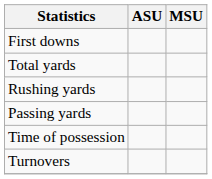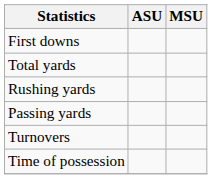 <table class="wikitable" style="float: left;">
 <tr>
 <th>Statistics</th>
 <th>ASU</th>
 <th>MSU</th>
 </tr>
 <tr>
 <td>First downs</td>
 <td></td>
 <td></td>
 </tr>
 <tr>
 <td>Total yards</td>
 <td></td>
 <td></td>
 </tr>
 <tr>
 <td>Rushing yards</td>
 <td></td>
 <td></td>
 </tr>
 <tr>
 <td>Passing yards</td>
 <td></td>
 <td></td>
 </tr>
 <tr>
-<td>Time of possession</td>
+<td>Turnovers</td>
 <td></td>
 <td></td>
 </tr>
 <tr>
-<td>Turnovers</td>
+<td>Time of possession</td>
 <td></td>
 <td></td>
 </tr>
 <tr>
 </tr>
 </table>
